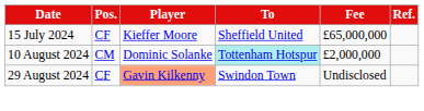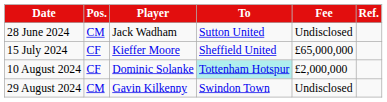 <table class="wikitable plainrowheaders sortable">
 <tr>
 <th style="background:#e20e0e;color:#FFFFFF;">Date</th>
 <th style="background:#e20e0e;color:#FFFFFF;">Pos.</th>
 <th style="background:#e20e0e;color:#FFFFFF;">Player</th>
 <th style="background:#e20e0e;color:#FFFFFF;">To</th>
 <th style="background:#e20e0e;color:#FFFFFF;">Fee</th>
 <th style="background:#e20e0e;color:#FFFFFF;">Ref.</th>
+</tr>
+<tr>
+<td>28 June 2024</td>
+<td><a href='#'>CM</a></td>
+<td> Jack Wadham</td>
+<td> <a href='#'>Sutton United</a></td>
+<td>Undisclosed</td>
+<td></td>
 </tr>
 <tr>
 <td>15 July 2024</td>
 <td><a href='#'>CF</a></td>
 <td> <a href='#'>Kieffer Moore</a></td>
 <td> <a href='#'>Sheffield United</a></td>
 <td>£65,000,000</td>
 <td></td>
 </tr>
 <tr>
 <td>10 August 2024</td>
-<td><a href='#'>CM</a></td>
+<td><a href='#'>CF</a></td>
 <td> <a href='#'>Dominic Solanke</a></td>
 <td style="background: paleturquoise;"> <a href='#'>Tottenham Hotspur</a></td>
 <td>£2,000,000</td>
 <td></td>
 </tr>
 <tr>
 <td>29 August 2024</td>
-<td><a href='#'>CF</a></td>
-<td style="background: lightsalmon;"> <a href='#'>Gavin Kilkenny</a></td>
+<td><a href='#'>CM</a></td>
+<td> <a href='#'>Gavin Kilkenny</a></td>
 <td> <a href='#'>Swindon Town</a></td>
 <td>Undisclosed</td>
 <td></td>
 </tr>
 </table>
